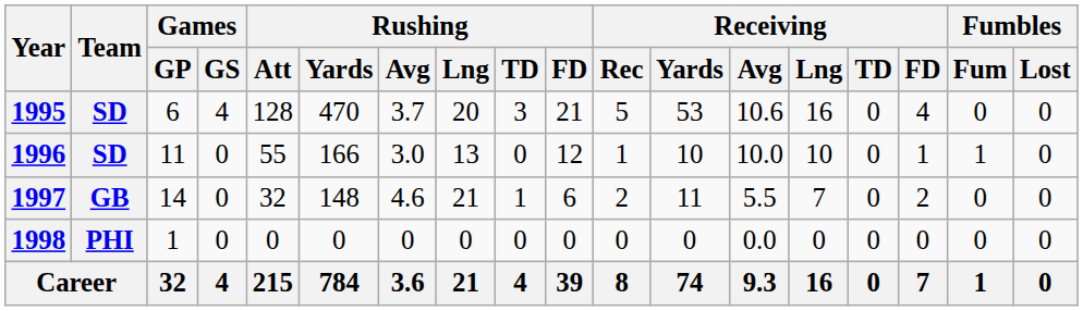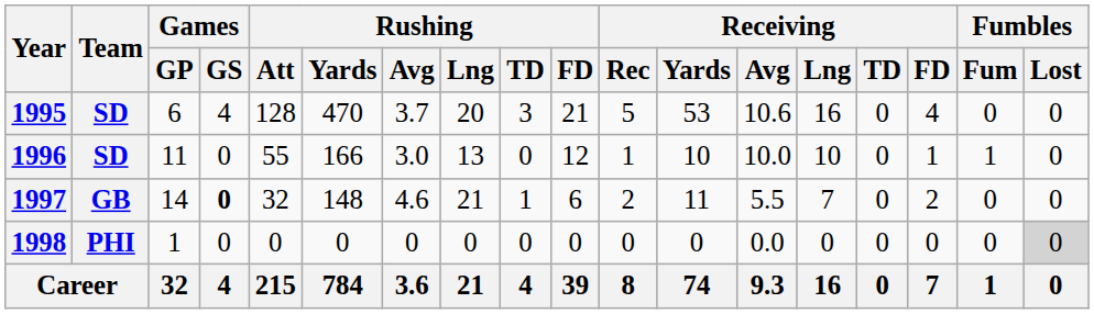 <table class="wikitable" style="text-align:center;">
 <tr>
 <th rowspan="2">Year</th>
 <th rowspan="2">Team</th>
 <th colspan="2">Games</th>
 <th colspan="6">Rushing</th>
 <th colspan="6">Receiving</th>
 <th colspan="2">Fumbles</th>
 </tr>
 <tr>
 <th>GP</th>
 <th>GS</th>
 <th>Att</th>
 <th>Yards</th>
 <th>Avg</th>
 <th>Lng</th>
 <th>TD</th>
 <th>FD</th>
 <th>Rec</th>
 <th>Yards</th>
 <th>Avg</th>
 <th>Lng</th>
 <th>TD</th>
 <th>FD</th>
 <th>Fum</th>
 <th>Lost</th>
 </tr>
 <tr>
 <th><a href='#'>1995</a></th>
 <th><a href='#'>SD</a></th>
 <td>6</td>
 <td>4</td>
 <td>128</td>
 <td>470</td>
 <td>3.7</td>
 <td>20</td>
 <td>3</td>
 <td>21</td>
 <td>5</td>
 <td>53</td>
 <td>10.6</td>
 <td>16</td>
 <td>0</td>
 <td>4</td>
 <td>0</td>
 <td>0</td>
 </tr>
 <tr>
 <th><a href='#'>1996</a></th>
 <th><a href='#'>SD</a></th>
 <td>11</td>
 <td>0</td>
 <td>55</td>
 <td>166</td>
 <td>3.0</td>
 <td>13</td>
 <td>0</td>
 <td>12</td>
 <td>1</td>
 <td>10</td>
 <td>10.0</td>
 <td>10</td>
 <td>0</td>
 <td>1</td>
 <td>1</td>
 <td>0</td>
 </tr>
 <tr>
 <th><a href='#'>1997</a></th>
 <th><a href='#'>GB</a></th>
 <td>14</td>
-<td>0</td>
+<td><strong>0</strong></td>
 <td>32</td>
 <td>148</td>
 <td>4.6</td>
 <td>21</td>
 <td>1</td>
 <td>6</td>
 <td>2</td>
 <td>11</td>
 <td>5.5</td>
 <td>7</td>
 <td>0</td>
 <td>2</td>
 <td>0</td>
 <td>0</td>
 </tr>
 <tr>
 <th><a href='#'>1998</a></th>
 <th><a href='#'>PHI</a></th>
 <td>1</td>
 <td>0</td>
 <td>0</td>
 <td>0</td>
 <td>0</td>
 <td>0</td>
 <td>0</td>
 <td>0</td>
 <td>0</td>
 <td>0</td>
 <td>0.0</td>
 <td>0</td>
 <td>0</td>
 <td>0</td>
 <td>0</td>
-<td>0</td>
+<td style="background: lightgrey;">0</td>
 </tr>
 <tr>
 <th colspan="2">Career</th>
 <th>32</th>
 <th>4</th>
 <th>215</th>
 <th>784</th>
 <th>3.6</th>
 <th>21</th>
 <th>4</th>
 <th>39</th>
 <th>8</th>
 <th>74</th>
 <th>9.3</th>
 <th>16</th>
 <th>0</th>
 <th>7</th>
 <th>1</th>
 <th>0</th>
 </tr>
 </table>
